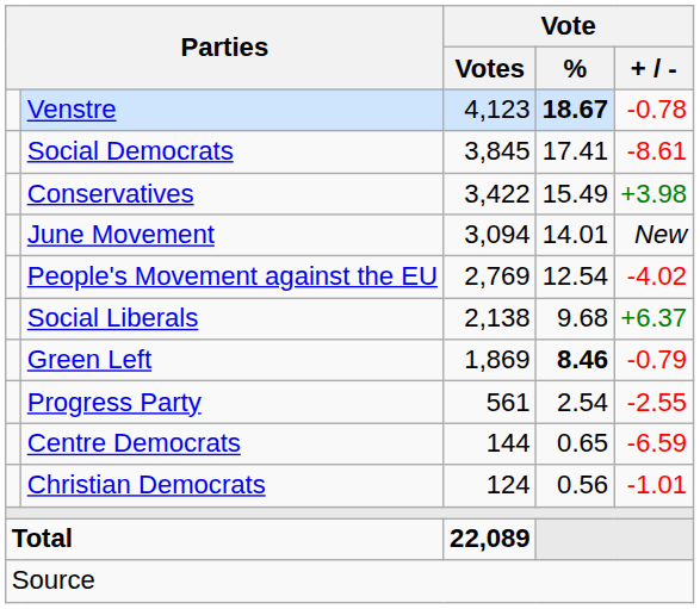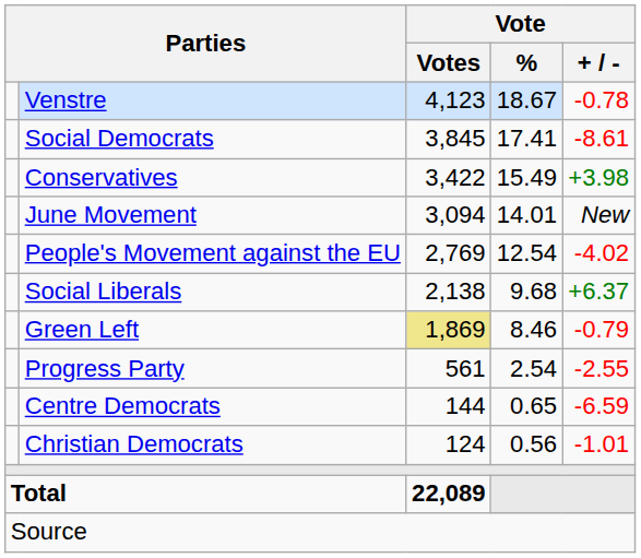 <table class="wikitable" style="text-align:right;">
 <tr>
 <th style="text-align:centre;" rowspan="2" colspan="2" width="225">Parties</th>
 <th colspan="3">Vote</th>
 </tr>
 <tr>
 <th width="15">Votes</th>
 <th width="15">%</th>
 <th width="15">+ / -</th>
 </tr>
 <tr>
 <td width="2" style="color:inherit;background:"></td>
 <td bgcolor=#cfe5fe   align="left"><a href='#'>Venstre</a></td>
 <td bgcolor=#cfe5fe>4,123</td>
-<td bgcolor=#cfe5fe><strong>18.67</strong></td>
+<td bgcolor=#cfe5fe>18.67</td>
 <td style=color:red;>-0.78</td>
 </tr>
 <tr>
 <td width="2" style="color:inherit;background:"></td>
 <td align="left"><a href='#'>Social Democrats</a></td>
 <td>3,845</td>
 <td>17.41</td>
 <td style=color:red;>-8.61</td>
 </tr>
 <tr>
 <td width="2" style="color:inherit;background:"></td>
 <td align="left"><a href='#'>Conservatives</a></td>
 <td>3,422</td>
 <td>15.49</td>
 <td style=color:green;>+3.98</td>
 </tr>
 <tr>
 <td width="2" style="color:inherit;background:"></td>
 <td align="left"><a href='#'>June Movement</a></td>
 <td>3,094</td>
 <td>14.01</td>
 <td><em>New</em></td>
 </tr>
 <tr>
 <td width="2" style="color:inherit;background:"></td>
 <td align="left"><a href='#'>People's Movement against the EU</a></td>
 <td>2,769</td>
 <td>12.54</td>
 <td style=color:red;>-4.02</td>
 </tr>
 <tr>
 <td width="2" style="color:inherit;background:"></td>
 <td align="left"><a href='#'>Social Liberals</a></td>
 <td>2,138</td>
 <td>9.68</td>
 <td style=color:green;>+6.37</td>
 </tr>
 <tr>
 <td width="2" style="color:inherit;background:"></td>
 <td align="left"><a href='#'>Green Left</a></td>
-<td>1,869</td>
-<td><strong>8.46</strong></td>
+<td style="background: khaki;">1,869</td>
+<td>8.46</td>
 <td style=color:red;>-0.79</td>
 </tr>
 <tr>
 <td width="2" style="color:inherit;background:"></td>
 <td align="left"><a href='#'>Progress Party</a></td>
 <td>561</td>
 <td>2.54</td>
 <td style=color:red;>-2.55</td>
 </tr>
 <tr>
 <td width="2" style="color:inherit;background:"></td>
 <td align="left"><a href='#'>Centre Democrats</a></td>
 <td>144</td>
 <td>0.65</td>
 <td style=color:red;>-6.59</td>
 </tr>
 <tr>
 <td width="2" style="color:inherit;background:"></td>
 <td align="left"><a href='#'>Christian Democrats</a></td>
 <td>124</td>
 <td>0.56</td>
 <td style=color:red;>-1.01</td>
 </tr>
 <tr>
 <td colspan="7" bgcolor="#E9E9E9"></td>
 </tr>
 <tr>
 <td align="left" colspan="2"><strong>Total</strong></td>
 <td><strong>22,089</strong></td>
 <td bgcolor="#E9E9E9" colspan="2"></td>
 </tr>
 <tr>
 <td align="left" colspan="6">Source</td>
 </tr>
 </table>
